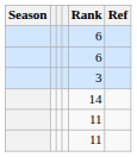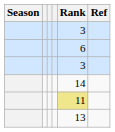 <table class="wikitable plainrowheaders sortable">
 <tr>
 <th scope=col>Season</th>
 <th scope=col></th>
 <th scope=col></th>
 <th scope=col></th>
 <th scope=col>Rank</th>
 <th scope=col class="unsortable">Ref</th>
 </tr>
 <tr style="background-color: #D0E7FF">
 <th scope=row  style="background-color: #D0E7FF" align=right></th>
 <td align=right></td>
 <td align=right></td>
 <td align=right></td>
-<td align=right>6</td>
+<td align=right>3</td>
 <td align=center></td>
 </tr>
 <tr style="background-color: #D0E7FF">
 <th scope=row style="background-color: #D0E7FF" align=right></th>
 <td align=right></td>
 <td align=right></td>
 <td align=right></td>
 <td align=right>6</td>
 <td align=center></td>
 </tr>
 <tr style="background-color: #D0E7FF">
 <th scope=row style="background-color: #D0E7FF" align=right></th>
 <td align=right></td>
 <td align=right></td>
 <td align=right></td>
 <td align=right>3</td>
 <td align=center></td>
 </tr>
 <tr>
 <th scope=row align=right></th>
 <td align=right></td>
 <td align=right></td>
 <td align=right></td>
 <td align=right>14</td>
 <td align=center></td>
 </tr>
 <tr>
 <th scope=row align=right></th>
 <td align=right></td>
 <td align=right></td>
 <td align=right></td>
-<td align=right>11</td>
+<td align=right style="background: khaki;">11</td>
 <td align=center></td>
 </tr>
 <tr>
 <th scope=row align=right></th>
 <td align=right></td>
 <td align=right></td>
 <td align=right></td>
-<td align=right>11</td>
+<td align=right>13</td>
 <td align=center></td>
 </tr>
 </table>
